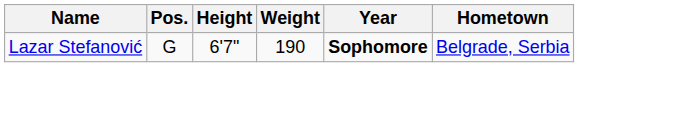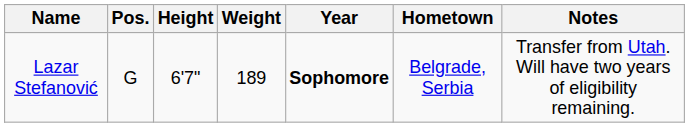 <table class="wikitable sortable sortable" style="text-align: center">
 <tr align=center>
 <th>Name</th>
 <th>Pos.</th>
 <th>Height</th>
 <th>Weight</th>
 <th>Year</th>
 <th>Hometown</th>
+<th>Notes</th>
 </tr>
 <tr>
 <td><a href='#'>Lazar Stefanović</a></td>
 <td>G</td>
 <td>6'7"</td>
-<td>190</td>
+<td>189</td>
 <td><strong>Sophomore</strong></td>
 <td><a href='#'>Belgrade, Serbia</a></td>
+<td>Transfer from <a href='#'>Utah</a>. Will have two years of eligibility remaining.</td>
 </tr>
 </table>
